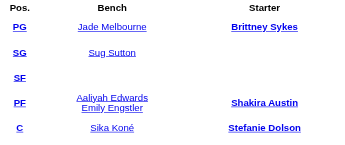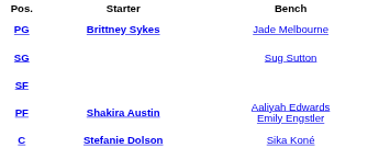 <table style="text-align:center; ">
 <tr>
 <th width="50">Pos.</th>
+<th width="250">Starter</th>
 <th width="250">Bench</th>
-<th width="250">Starter</th>
 </tr>
 <tr style="height:40px; background:white; color:#092C57">
 <th><a href='#'><span>PG</span></a></th>
+<td><strong><a href='#'>Brittney Sykes</a></strong></td>
 <td><a href='#'>Jade Melbourne</a></td>
-<td><strong><a href='#'>Brittney Sykes</a></strong></td>
 </tr>
 <tr style="height:40px; background:white; color:#092C57">
 <th><a href='#'><span>SG</span></a></th>
+<td></td>
 <td><a href='#'>Sug Sutton</a></td>
-<td></td>
 </tr>
 <tr style="height:40px; background:white; color:#092C57">
 <th><a href='#'><span>SF</span></a></th>
 <td></td>
 <td></td>
 </tr>
 <tr style="height:40px; background:white; color:#092C57">
 <th><a href='#'><span>PF</span></a></th>
+<td><strong><a href='#'>Shakira Austin</a></strong></td>
 <td><a href='#'>Aaliyah Edwards</a> <br><a href='#'>Emily Engstler</a></td>
-<td><strong><a href='#'>Shakira Austin</a></strong></td>
 </tr>
 <tr style="height:40px; background:white; color:#092C57">
 <th><a href='#'><span>C</span></a></th>
+<td><strong><a href='#'>Stefanie Dolson</a></strong></td>
 <td><a href='#'>Sika Koné</a></td>
-<td><strong><a href='#'>Stefanie Dolson</a></strong></td>
 </tr>
 </table>
